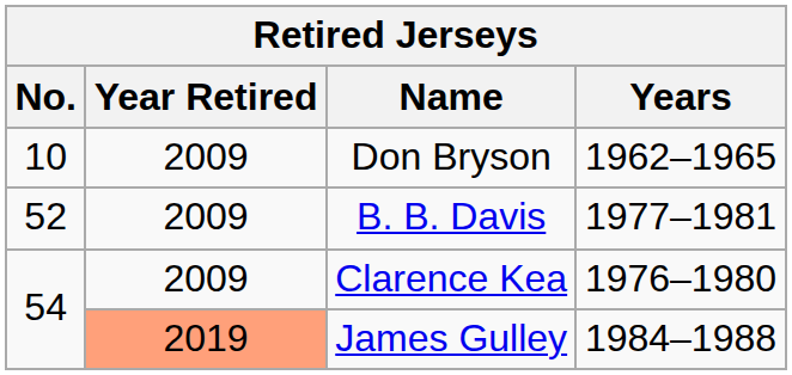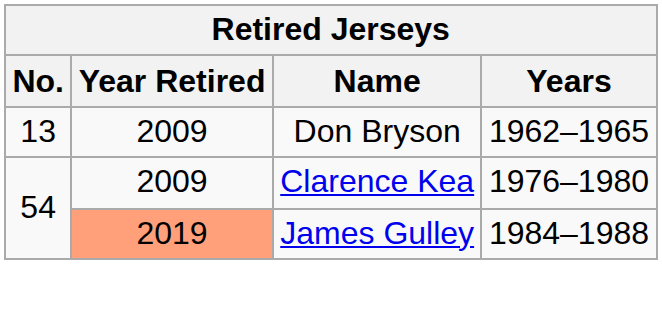 <table class="wikitable">
 <tr>
 <th colspan=4>Retired Jerseys</th>
 </tr>
 <tr>
 <th>No.</th>
 <th>Year Retired</th>
 <th>Name</th>
 <th>Years</th>
 </tr>
 <tr>
 </tr>
 <tr style="text-align:center;">
-<td>10</td>
+<td>13</td>
 <td>2009</td>
 <td>Don Bryson</td>
 <td>1962–1965</td>
-</tr>
-<tr style="text-align:center;">
-<td>52</td>
-<td>2009</td>
-<td><a href='#'>B. B. Davis</a></td>
-<td>1977–1981</td>
 </tr>
 <tr style="text-align:center;">
 <td rowspan=2>54</td>
 <td>2009</td>
 <td><a href='#'>Clarence Kea</a></td>
 <td>1976–1980</td>
 </tr>
 <tr style="text-align:center;">
 <td style="background: lightsalmon;">2019</td>
 <td><a href='#'>James Gulley</a></td>
 <td>1984–1988</td>
 </tr>
 </table>
